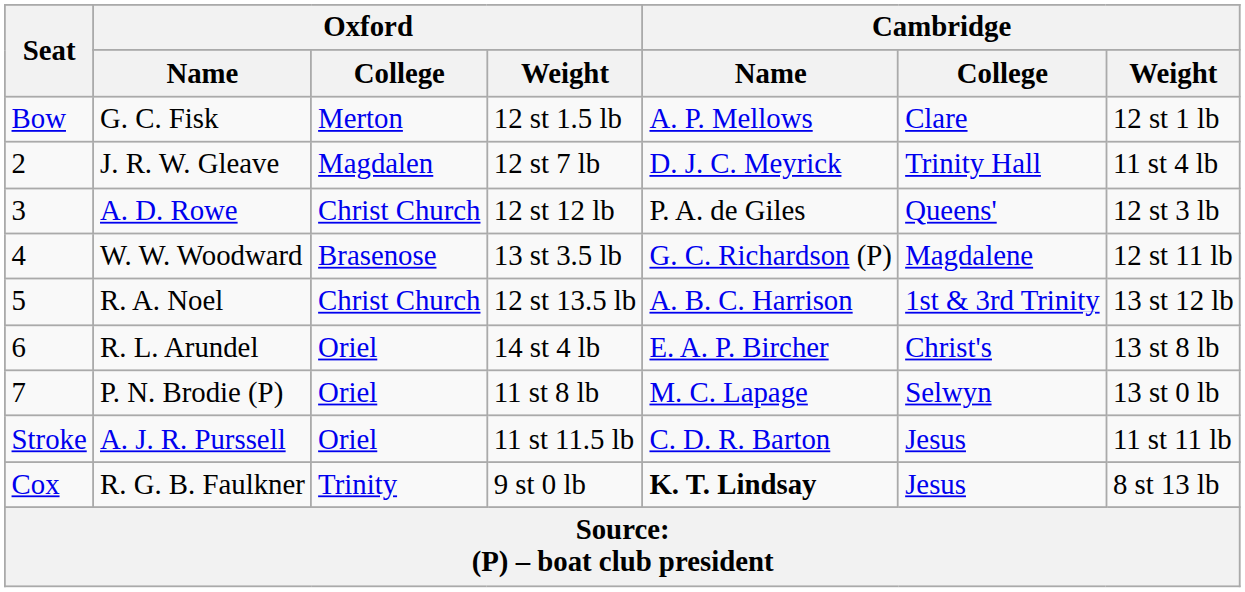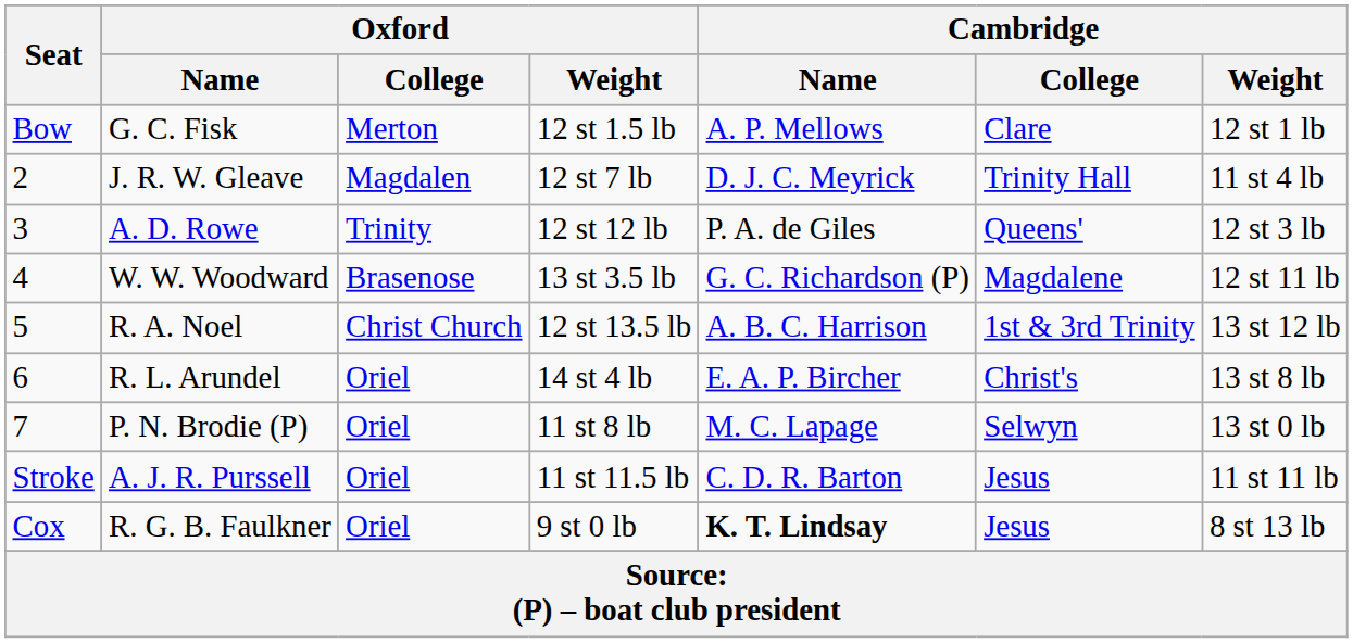 <table class="wikitable">
 <tr>
 <th rowspan="2" scope="col">Seat</th>
 <th colspan="3" scope="col">Oxford <br> </th>
 <th colspan="3" scope="col">Cambridge <br> </th>
 </tr>
 <tr>
 <th>Name</th>
 <th>College</th>
 <th>Weight</th>
 <th>Name</th>
 <th>College</th>
 <th>Weight</th>
 </tr>
 <tr>
 <td><a href='#'>Bow</a></td>
 <td>G. C. Fisk</td>
 <td><a href='#'>Merton</a></td>
 <td>12 st 1.5 lb</td>
 <td><a href='#'>A. P. Mellows</a></td>
 <td><a href='#'>Clare</a></td>
 <td>12 st 1 lb</td>
 </tr>
 <tr>
 <td>2</td>
 <td>J. R. W. Gleave</td>
 <td><a href='#'>Magdalen</a></td>
 <td>12 st 7 lb</td>
 <td><a href='#'>D. J. C. Meyrick</a></td>
 <td><a href='#'>Trinity Hall</a></td>
 <td>11 st 4 lb</td>
 </tr>
 <tr>
 <td>3</td>
 <td><a href='#'>A. D. Rowe</a></td>
-<td><a href='#'>Christ Church</a></td>
+<td><a href='#'>Trinity</a></td>
 <td>12 st 12 lb</td>
 <td>P. A. de Giles</td>
 <td><a href='#'>Queens'</a></td>
 <td>12 st 3 lb</td>
 </tr>
 <tr>
 <td>4</td>
 <td>W. W. Woodward</td>
 <td><a href='#'>Brasenose</a></td>
 <td>13 st 3.5 lb</td>
 <td><a href='#'>G. C. Richardson</a> (P)</td>
 <td><a href='#'>Magdalene</a></td>
 <td>12 st 11 lb</td>
 </tr>
 <tr>
 <td>5</td>
 <td>R. A. Noel</td>
 <td><a href='#'>Christ Church</a></td>
 <td>12 st 13.5 lb</td>
 <td><a href='#'>A. B. C. Harrison</a></td>
 <td><a href='#'>1st & 3rd Trinity</a></td>
 <td>13 st 12 lb</td>
 </tr>
 <tr>
 <td>6</td>
 <td>R. L. Arundel</td>
 <td><a href='#'>Oriel</a></td>
 <td>14 st 4 lb</td>
 <td><a href='#'>E. A. P. Bircher</a></td>
 <td><a href='#'>Christ's</a></td>
 <td>13 st 8 lb</td>
 </tr>
 <tr>
 <td>7</td>
 <td>P. N. Brodie (P)</td>
 <td><a href='#'>Oriel</a></td>
 <td>11 st 8 lb</td>
 <td><a href='#'>M. C. Lapage</a></td>
 <td><a href='#'>Selwyn</a></td>
 <td>13 st 0 lb</td>
 </tr>
 <tr>
 <td><a href='#'>Stroke</a></td>
 <td><a href='#'>A. J. R. Purssell</a></td>
 <td><a href='#'>Oriel</a></td>
 <td>11 st 11.5 lb</td>
 <td><a href='#'>C. D. R. Barton</a></td>
 <td><a href='#'>Jesus</a></td>
 <td>11 st 11 lb</td>
 </tr>
 <tr>
 <td><a href='#'>Cox</a></td>
 <td>R. G. B. Faulkner</td>
-<td><a href='#'>Trinity</a></td>
+<td><a href='#'>Oriel</a></td>
 <td>9 st 0 lb</td>
 <td><strong>K. T. Lindsay</strong></td>
 <td><a href='#'>Jesus</a></td>
 <td>8 st 13 lb</td>
 </tr>
 <tr>
 <th colspan="7">Source:<br>(P) – boat club president</th>
 </tr>
 </table>
